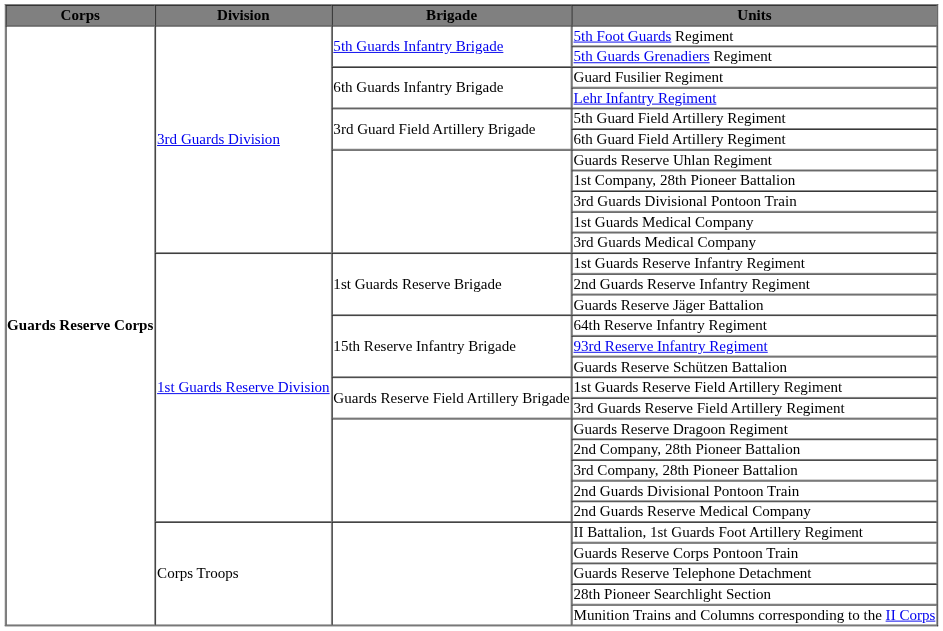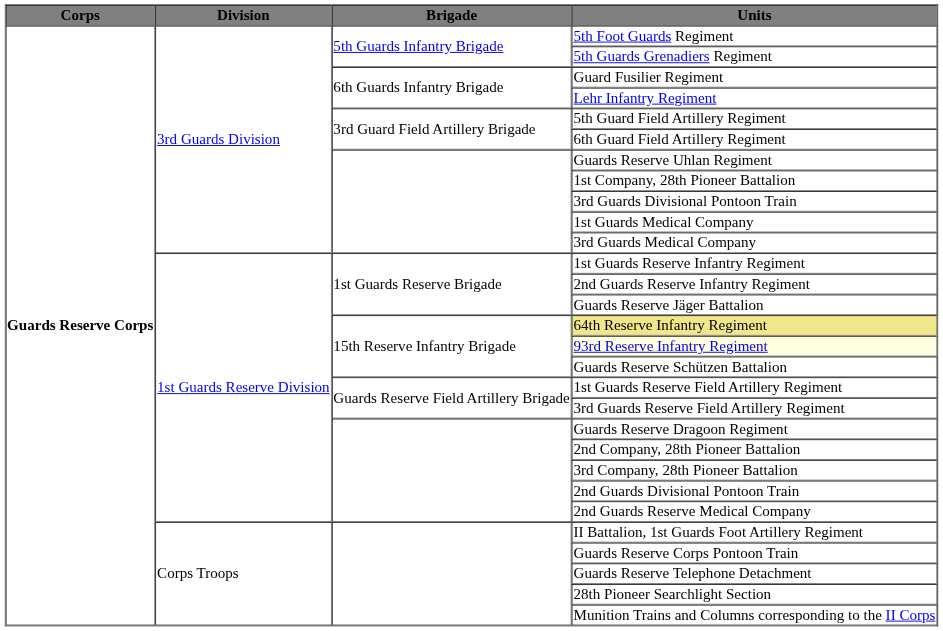 <table style="float: right;" border="1" cellpadding="1" cellspacing="0" style="font-size: 100%; border: gray solid 1px; border-collapse: collapse; text-align: center;">
 <tr style="background-color:grey; color:black;">
 <th>Corps</th>
 <th>Division</th>
 <th>Brigade</th>
 <th>Units</th>
 </tr>
 <tr>
 <td ROWSPAN=29><strong>Guards Reserve Corps</strong></td>
 <td ROWSPAN=11><a href='#'>3rd Guards Division</a></td>
 <td ROWSPAN=2><a href='#'>5th Guards Infantry Brigade</a></td>
 <td><a href='#'>5th Foot Guards</a> Regiment</td>
 </tr>
 <tr>
 <td><a href='#'>5th Guards Grenadiers</a> Regiment</td>
 </tr>
 <tr>
 <td ROWSPAN=2>6th Guards Infantry Brigade</td>
 <td>Guard Fusilier Regiment</td>
 </tr>
 <tr>
 <td><a href='#'>Lehr Infantry Regiment</a></td>
 </tr>
 <tr>
 <td ROWSPAN=2>3rd Guard Field Artillery Brigade</td>
 <td>5th Guard Field Artillery Regiment</td>
 </tr>
 <tr>
 <td>6th Guard Field Artillery Regiment</td>
 </tr>
 <tr>
 <td ROWSPAN=5></td>
 <td>Guards Reserve Uhlan Regiment</td>
 </tr>
 <tr>
 <td>1st Company, 28th Pioneer Battalion</td>
 </tr>
 <tr>
 <td>3rd Guards Divisional Pontoon Train</td>
 </tr>
 <tr>
 <td>1st Guards Medical Company</td>
 </tr>
 <tr>
 <td>3rd Guards Medical Company</td>
 </tr>
 <tr>
 <td ROWSPAN=13><a href='#'>1st Guards Reserve Division</a></td>
 <td ROWSPAN=3>1st Guards Reserve Brigade</td>
 <td>1st Guards Reserve Infantry Regiment</td>
 </tr>
 <tr>
 <td>2nd Guards Reserve Infantry Regiment</td>
 </tr>
 <tr>
 <td>Guards Reserve Jäger Battalion</td>
 </tr>
 <tr>
 <td ROWSPAN=3>15th Reserve Infantry Brigade</td>
-<td>64th Reserve Infantry Regiment</td>
+<td style="background: khaki;">64th Reserve Infantry Regiment</td>
 </tr>
 <tr>
-<td><a href='#'>93rd Reserve Infantry Regiment</a></td>
+<td style="background: lightyellow;"><a href='#'>93rd Reserve Infantry Regiment</a></td>
 </tr>
 <tr>
 <td>Guards Reserve Schützen Battalion</td>
 </tr>
 <tr>
 <td ROWSPAN=2>Guards Reserve Field Artillery Brigade</td>
 <td>1st Guards Reserve Field Artillery Regiment</td>
 </tr>
 <tr>
 <td>3rd Guards Reserve Field Artillery Regiment</td>
 </tr>
 <tr>
 <td ROWSPAN=5></td>
 <td>Guards Reserve Dragoon Regiment</td>
 </tr>
 <tr>
 <td>2nd Company, 28th Pioneer Battalion</td>
 </tr>
 <tr>
 <td>3rd Company, 28th Pioneer Battalion</td>
 </tr>
 <tr>
 <td>2nd Guards Divisional Pontoon Train</td>
 </tr>
 <tr>
 <td>2nd Guards Reserve Medical Company</td>
 </tr>
 <tr>
 <td ROWSPAN=5>Corps Troops</td>
 <td ROWSPAN=5></td>
 <td>II Battalion, 1st Guards Foot Artillery Regiment</td>
 </tr>
 <tr>
 <td>Guards Reserve Corps Pontoon Train</td>
 </tr>
 <tr>
 <td>Guards Reserve Telephone Detachment</td>
 </tr>
 <tr>
 <td>28th Pioneer Searchlight Section</td>
 </tr>
 <tr>
 <td>Munition Trains and Columns corresponding to the <a href='#'>II Corps</a></td>
 </tr>
 </table>
